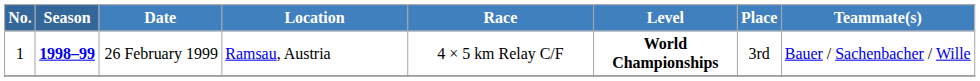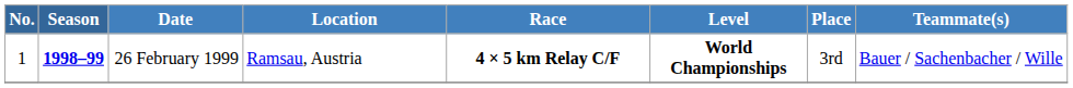 <table class="wikitable sortable" style="font-size:95%; text-align:center; border:grey solid 1px; border-collapse:collapse; background:#ffffff;">
 <tr style="background:#efefef;">
 <th style="background-color:#369; color:white;">No.</th>
 <th style="background-color:#369; color:white;">Season</th>
 <th style="background-color:#4180be; color:white; width:110px;">Date</th>
 <th style="background-color:#4180be; color:white; width:170px;">Location</th>
 <th style="background-color:#4180be; color:white; width:170px;">Race</th>
 <th style="background-color:#4180be; color:white; width:130px;">Level</th>
 <th style="background-color:#4180be; color:white;">Place</th>
 <th style="background-color:#4180be; color:white;">Teammate(s)</th>
 </tr>
 <tr>
 <td align=center>1</td>
 <td rowspan=1 align=center><strong><a href='#'>1998–99</a></strong></td>
 <td align=right>26 February 1999</td>
 <td align=left> <a href='#'>Ramsau</a>, Austria</td>
-<td>4 × 5 km Relay C/F</td>
+<td><strong>4 × 5 km Relay C/F</strong></td>
 <td><strong>World Championships</strong></td>
 <td>3rd</td>
 <td><a href='#'>Bauer</a> / <a href='#'>Sachenbacher</a> / <a href='#'>Wille</a></td>
 </tr>
 <tr>
 </tr>
 </table>
